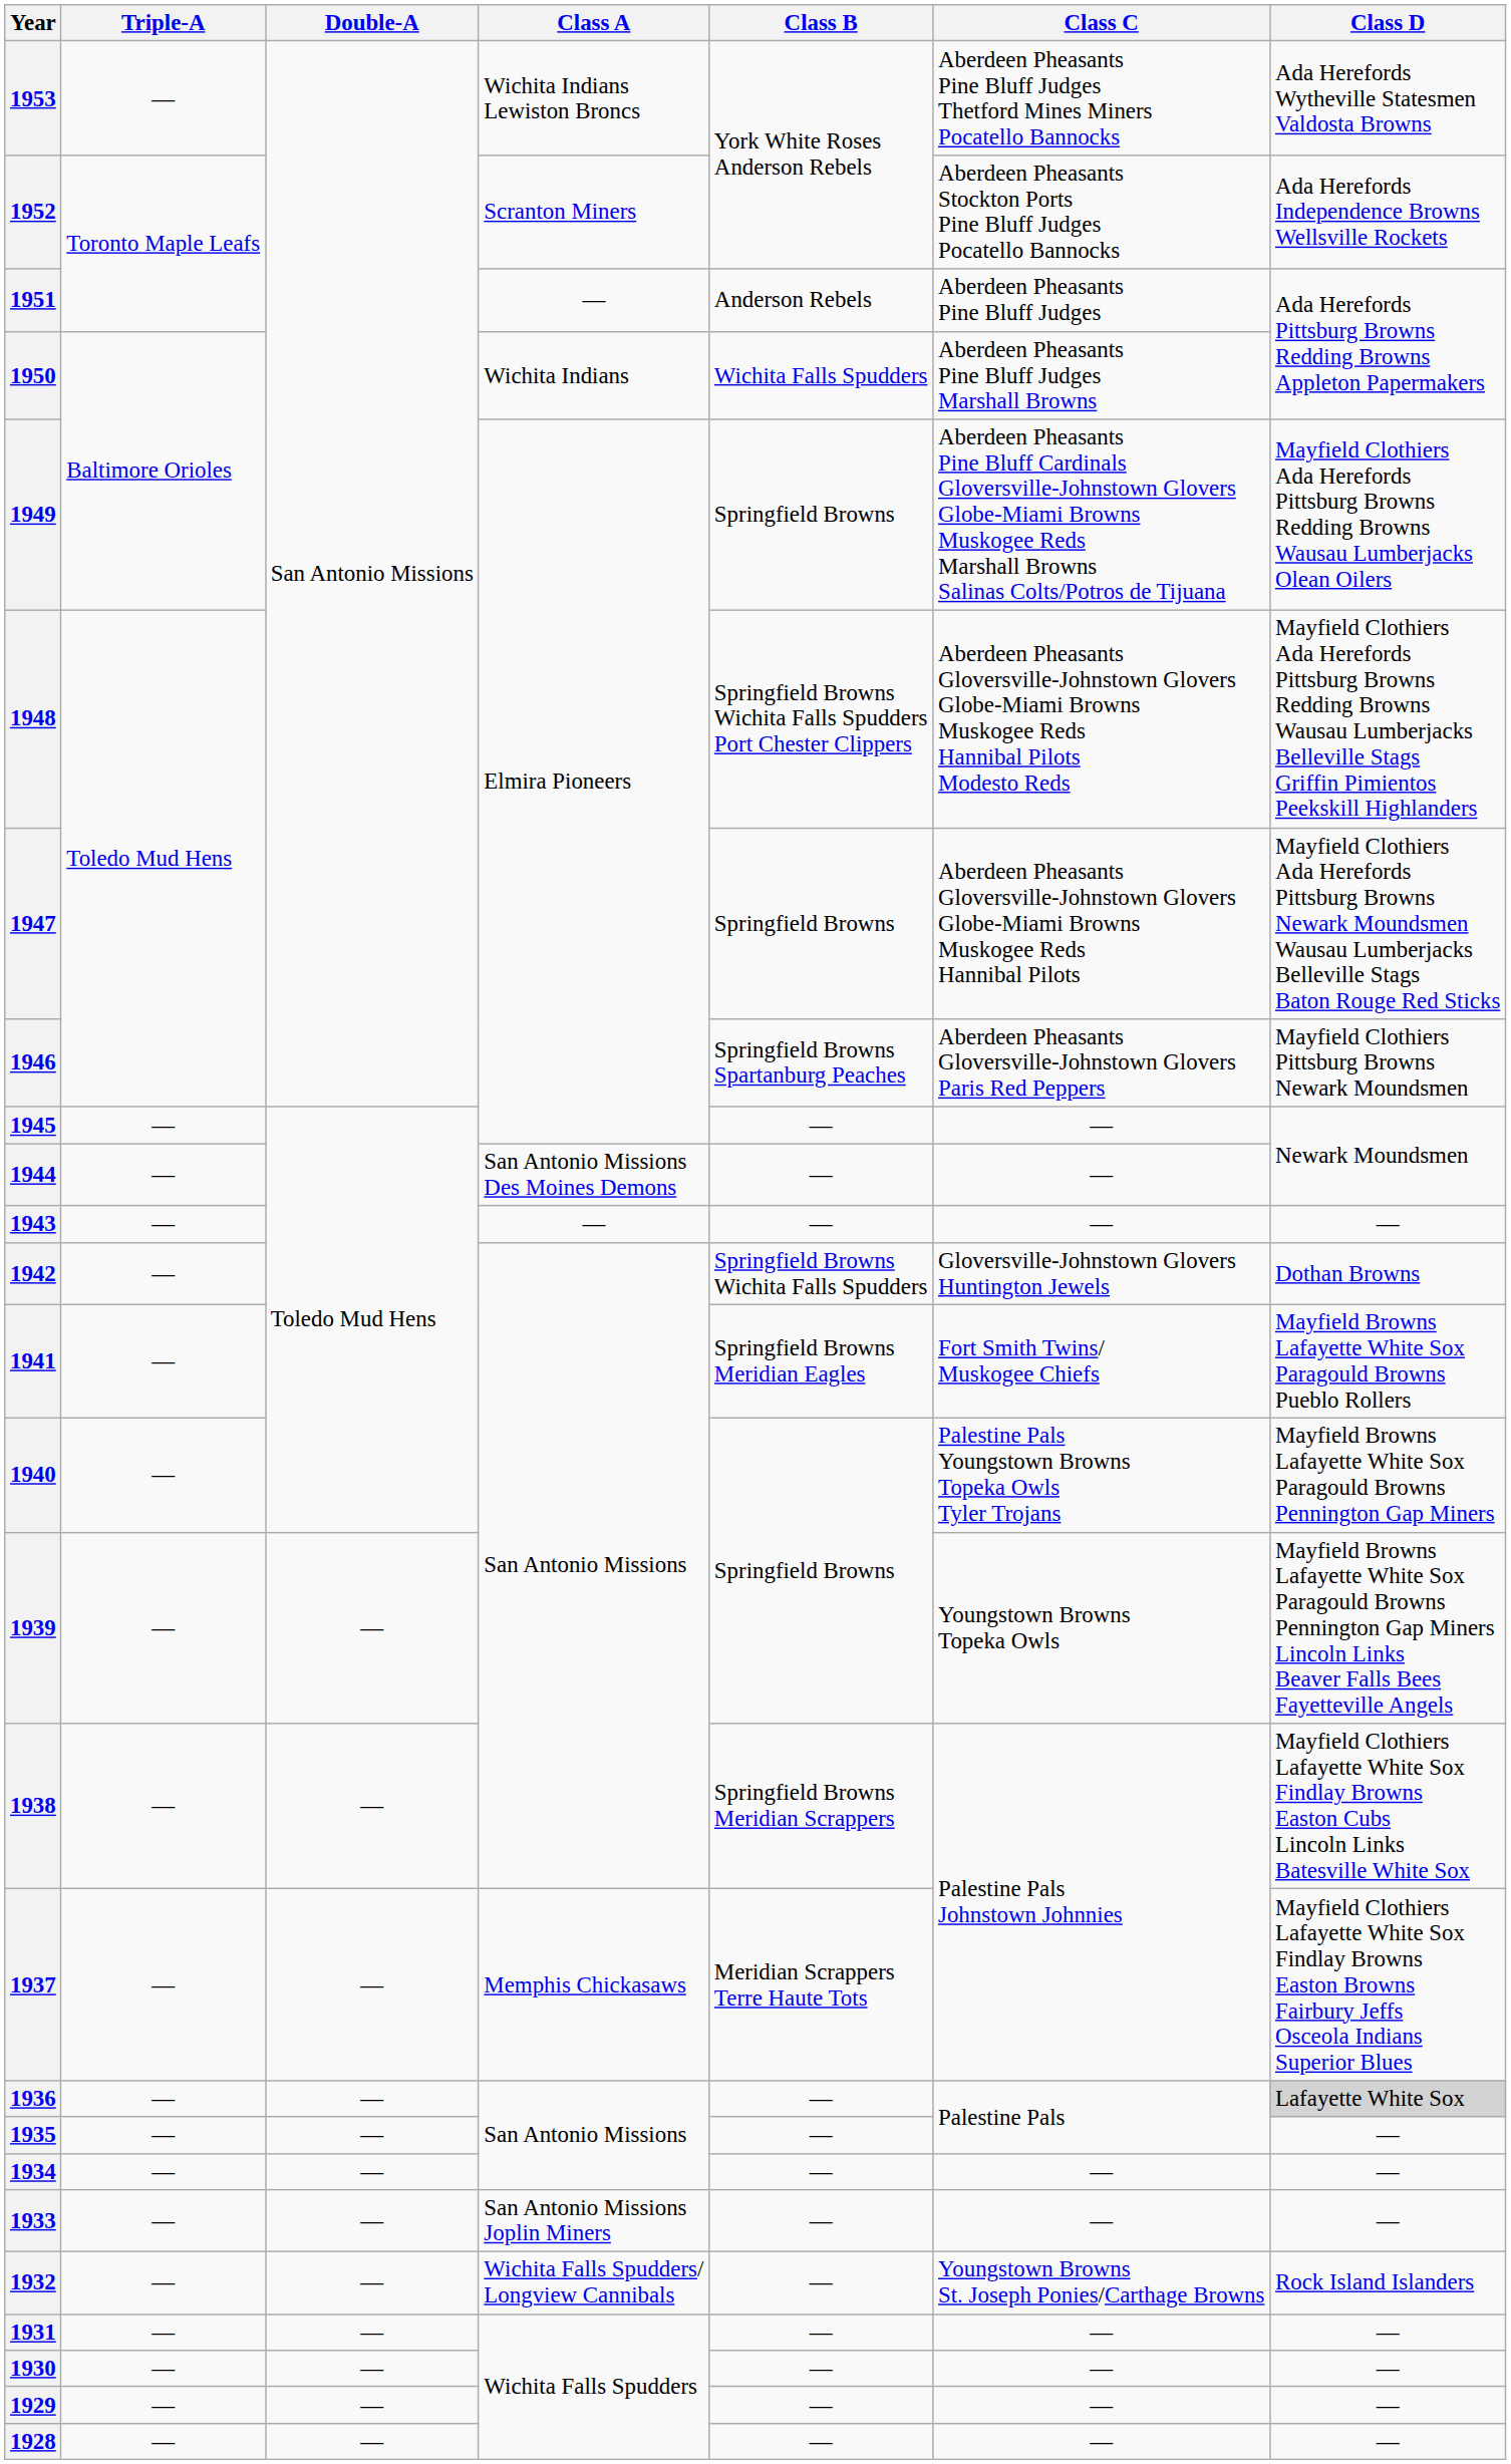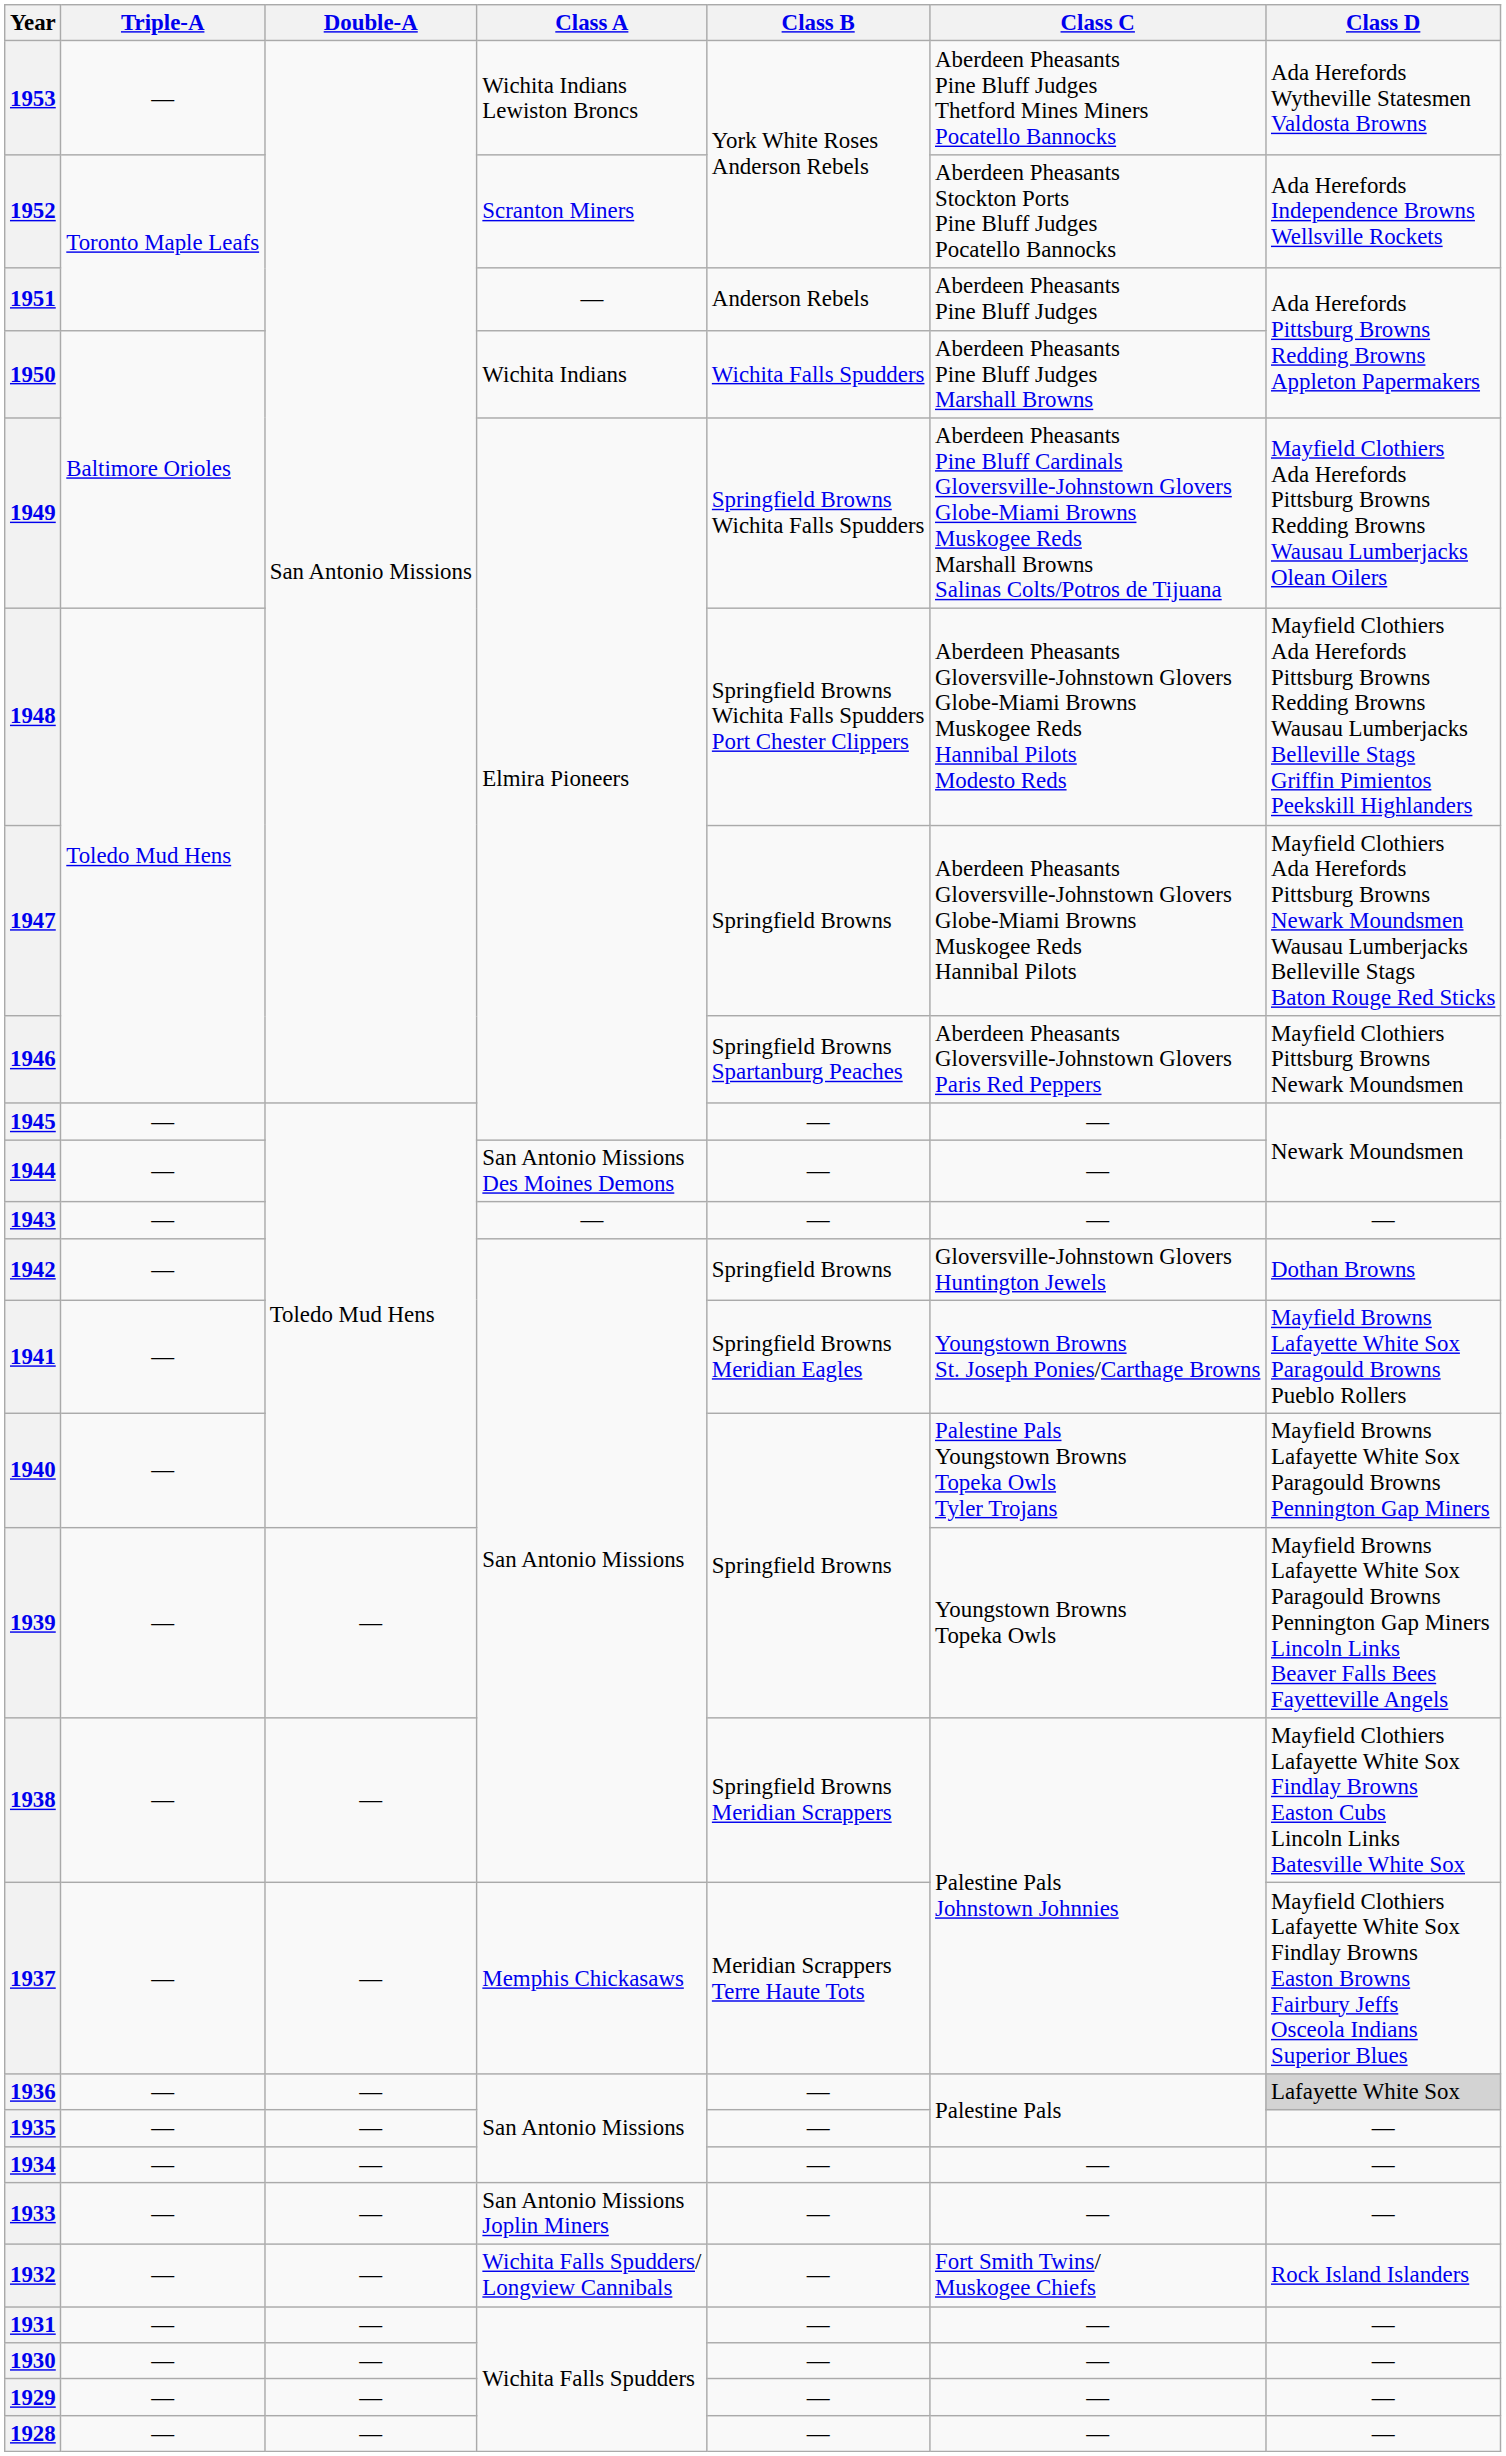 <table class="wikitable">
 <tr>
 <th>Year</th>
 <th><a href='#'><span>Triple-A</span></a></th>
 <th><a href='#'><span>Double-A</span></a></th>
 <th><a href='#'><span>Class A</span></a></th>
 <th><a href='#'><span>Class B</span></a></th>
 <th><a href='#'><span>Class C</span></a></th>
 <th><a href='#'><span>Class D</span></a></th>
 </tr>
 <tr>
 <th><a href='#'>1953</a></th>
 <td align="center">—</td>
 <td rowspan=8>San Antonio Missions</td>
 <td>Wichita Indians<br>Lewiston Broncs</td>
 <td rowspan=2>York White Roses<br>Anderson Rebels</td>
 <td>Aberdeen Pheasants<br>Pine Bluff Judges<br>Thetford Mines Miners<br><a href='#'>Pocatello Bannocks</a></td>
 <td>Ada Herefords<br>Wytheville Statesmen<br><a href='#'>Valdosta Browns</a></td>
 </tr>
 <tr>
 <th><a href='#'>1952</a></th>
 <td rowspan=2><a href='#'>Toronto Maple Leafs</a></td>
 <td><a href='#'>Scranton Miners</a></td>
 <td>Aberdeen Pheasants<br>Stockton Ports<br>Pine Bluff Judges<br>Pocatello Bannocks</td>
 <td>Ada Herefords<br><a href='#'>Independence Browns</a><br><a href='#'>Wellsville Rockets</a></td>
 </tr>
 <tr>
 <th><a href='#'>1951</a></th>
 <td align="center">—</td>
 <td>Anderson Rebels</td>
 <td>Aberdeen Pheasants<br>Pine Bluff Judges</td>
 <td rowspan=2>Ada Herefords<br><a href='#'>Pittsburg Browns</a><br><a href='#'>Redding Browns</a><br><a href='#'>Appleton Papermakers</a></td>
 </tr>
 <tr>
 <th><a href='#'>1950</a></th>
 <td rowspan=2><a href='#'>Baltimore Orioles</a></td>
 <td>Wichita Indians</td>
 <td><a href='#'>Wichita Falls Spudders</a></td>
 <td>Aberdeen Pheasants<br>Pine Bluff Judges<br><a href='#'>Marshall Browns</a></td>
 </tr>
 <tr>
 <th><a href='#'>1949</a></th>
 <td rowspan=5>Elmira Pioneers</td>
-<td>Springfield Browns</td>
+<td><a href='#'>Springfield Browns</a><br>Wichita Falls Spudders</td>
 <td>Aberdeen Pheasants<br><a href='#'>Pine Bluff Cardinals</a><br><a href='#'>Gloversville-Johnstown Glovers</a><br><a href='#'>Globe-Miami Browns</a><br><a href='#'>Muskogee Reds</a><br>Marshall Browns<br><a href='#'>Salinas Colts/Potros de Tijuana</a></td>
 <td><a href='#'>Mayfield Clothiers</a><br>Ada Herefords<br>Pittsburg Browns<br>Redding Browns<br><a href='#'>Wausau Lumberjacks</a><br><a href='#'>Olean Oilers</a></td>
 </tr>
 <tr>
 <th><a href='#'>1948</a></th>
 <td rowspan=3><a href='#'>Toledo Mud Hens</a></td>
 <td>Springfield Browns<br>Wichita Falls Spudders<br><a href='#'>Port Chester Clippers</a></td>
 <td>Aberdeen Pheasants<br>Gloversville-Johnstown Glovers<br>Globe-Miami Browns<br>Muskogee Reds<br><a href='#'>Hannibal Pilots</a><br><a href='#'>Modesto Reds</a></td>
 <td>Mayfield Clothiers<br>Ada Herefords<br>Pittsburg Browns<br>Redding Browns<br>Wausau Lumberjacks<br><a href='#'>Belleville Stags</a><br><a href='#'>Griffin Pimientos</a><br><a href='#'>Peekskill Highlanders</a></td>
 </tr>
 <tr>
 <th><a href='#'>1947</a></th>
 <td>Springfield Browns</td>
 <td>Aberdeen Pheasants<br>Gloversville-Johnstown Glovers<br>Globe-Miami Browns<br>Muskogee Reds<br>Hannibal Pilots</td>
 <td>Mayfield Clothiers<br>Ada Herefords<br>Pittsburg Browns<br><a href='#'>Newark Moundsmen</a><br>Wausau Lumberjacks<br>Belleville Stags<br><a href='#'>Baton Rouge Red Sticks</a></td>
 </tr>
 <tr>
 <th><a href='#'>1946</a></th>
 <td>Springfield Browns<br><a href='#'>Spartanburg Peaches</a></td>
 <td>Aberdeen Pheasants<br>Gloversville-Johnstown Glovers<br><a href='#'>Paris Red Peppers</a></td>
 <td>Mayfield Clothiers<br>Pittsburg Browns<br>Newark Moundsmen</td>
 </tr>
 <tr>
 <th><a href='#'>1945</a></th>
 <td align="center">—</td>
 <td rowspan=6>Toledo Mud Hens</td>
 <td align="center">—</td>
 <td align="center">—</td>
 <td rowspan=2>Newark Moundsmen</td>
 </tr>
 <tr>
 <th><a href='#'>1944</a></th>
 <td align="center">—</td>
 <td>San Antonio Missions<br><a href='#'>Des Moines Demons</a></td>
 <td align="center">—</td>
 <td align="center">—</td>
 </tr>
 <tr>
 <th><a href='#'>1943</a></th>
 <td align="center">—</td>
 <td align="center">—</td>
 <td align="center">—</td>
 <td align="center">—</td>
 <td align="center">—</td>
 </tr>
 <tr>
 <th><a href='#'>1942</a></th>
 <td align="center">—</td>
 <td rowspan=5>San Antonio Missions</td>
-<td><a href='#'>Springfield Browns</a><br>Wichita Falls Spudders</td>
+<td>Springfield Browns</td>
 <td>Gloversville-Johnstown Glovers<br><a href='#'>Huntington Jewels</a></td>
 <td><a href='#'>Dothan Browns</a></td>
 </tr>
 <tr>
 <th><a href='#'>1941</a></th>
 <td align="center">—</td>
 <td>Springfield Browns<br><a href='#'>Meridian Eagles</a></td>
-<td><a href='#'>Fort Smith Twins</a>/<br><a href='#'>Muskogee Chiefs</a></td>
+<td><a href='#'>Youngstown Browns</a><br><a href='#'>St. Joseph Ponies</a>/<a href='#'>Carthage Browns</a></td>
 <td><a href='#'>Mayfield Browns</a><br><a href='#'>Lafayette White Sox</a><br><a href='#'>Paragould Browns</a><br>Pueblo Rollers</td>
 </tr>
 <tr>
 <th><a href='#'>1940</a></th>
 <td align="center">—</td>
 <td rowspan=2>Springfield Browns</td>
 <td><a href='#'>Palestine Pals</a><br>Youngstown Browns<br><a href='#'>Topeka Owls</a><br><a href='#'>Tyler Trojans</a></td>
 <td>Mayfield Browns<br>Lafayette White Sox<br>Paragould Browns<br><a href='#'>Pennington Gap Miners</a></td>
 </tr>
 <tr>
 <th><a href='#'>1939</a></th>
 <td align="center">—</td>
 <td align="center">—</td>
 <td>Youngstown Browns<br>Topeka Owls</td>
 <td>Mayfield Browns<br>Lafayette White Sox<br>Paragould Browns<br>Pennington Gap Miners<br><a href='#'>Lincoln Links</a><br><a href='#'>Beaver Falls Bees</a><br><a href='#'>Fayetteville Angels</a></td>
 </tr>
 <tr>
 <th><a href='#'>1938</a></th>
 <td align="center">—</td>
 <td align="center">—</td>
 <td>Springfield Browns<br><a href='#'>Meridian Scrappers</a></td>
 <td rowspan=2>Palestine Pals<br><a href='#'>Johnstown Johnnies</a></td>
 <td>Mayfield Clothiers<br>Lafayette White Sox<br><a href='#'>Findlay Browns</a><br><a href='#'>Easton Cubs</a><br>Lincoln Links<br><a href='#'>Batesville White Sox</a></td>
 </tr>
 <tr>
 <th><a href='#'>1937</a></th>
 <td align="center">—</td>
 <td align="center">—</td>
 <td><a href='#'>Memphis Chickasaws</a></td>
 <td>Meridian Scrappers<br><a href='#'>Terre Haute Tots</a></td>
 <td>Mayfield Clothiers<br>Lafayette White Sox<br>Findlay Browns<br><a href='#'>Easton Browns</a><br><a href='#'>Fairbury Jeffs</a><br><a href='#'>Osceola Indians</a><br><a href='#'>Superior Blues</a></td>
 </tr>
 <tr>
 <th><a href='#'>1936</a></th>
 <td align="center">—</td>
 <td align="center">—</td>
 <td rowspan=3>San Antonio Missions</td>
 <td align="center">—</td>
 <td rowspan=2>Palestine Pals</td>
 <td style="background: lightgrey;">Lafayette White Sox</td>
 </tr>
 <tr>
 <th><a href='#'>1935</a></th>
 <td align="center">—</td>
 <td align="center">—</td>
 <td align="center">—</td>
 <td align="center">—</td>
 </tr>
 <tr>
 <th><a href='#'>1934</a></th>
 <td align="center">—</td>
 <td align="center">—</td>
 <td align="center">—</td>
 <td align="center">—</td>
 <td align="center">—</td>
 </tr>
 <tr>
 <th><a href='#'>1933</a></th>
 <td align="center">—</td>
 <td align="center">—</td>
 <td>San Antonio Missions<br><a href='#'>Joplin Miners</a></td>
 <td align="center">—</td>
 <td align="center">—</td>
 <td align="center">—</td>
 </tr>
 <tr>
 <th><a href='#'>1932</a></th>
 <td align="center">—</td>
 <td align="center">—</td>
 <td><a href='#'>Wichita Falls Spudders</a>/<br><a href='#'>Longview Cannibals</a></td>
 <td align="center">—</td>
-<td><a href='#'>Youngstown Browns</a><br><a href='#'>St. Joseph Ponies</a>/<a href='#'>Carthage Browns</a></td>
+<td><a href='#'>Fort Smith Twins</a>/<br><a href='#'>Muskogee Chiefs</a></td>
 <td><a href='#'>Rock Island Islanders</a></td>
 </tr>
 <tr>
 <th><a href='#'>1931</a></th>
 <td align="center">—</td>
 <td align="center">—</td>
 <td rowspan=4>Wichita Falls Spudders</td>
 <td align="center">—</td>
 <td align="center">—</td>
 <td align="center">—</td>
 </tr>
 <tr>
 <th><a href='#'>1930</a></th>
 <td align="center">—</td>
 <td align="center">—</td>
 <td align="center">—</td>
 <td align="center">—</td>
 <td align="center">—</td>
 </tr>
 <tr>
 <th><a href='#'>1929</a></th>
 <td align="center">—</td>
 <td align="center">—</td>
 <td align="center">—</td>
 <td align="center">—</td>
 <td align="center">—</td>
 </tr>
 <tr>
 <th><a href='#'>1928</a></th>
 <td align="center">—</td>
 <td align="center">—</td>
 <td align="center">—</td>
 <td align="center">—</td>
 <td align="center">—</td>
 </tr>
 </table>
